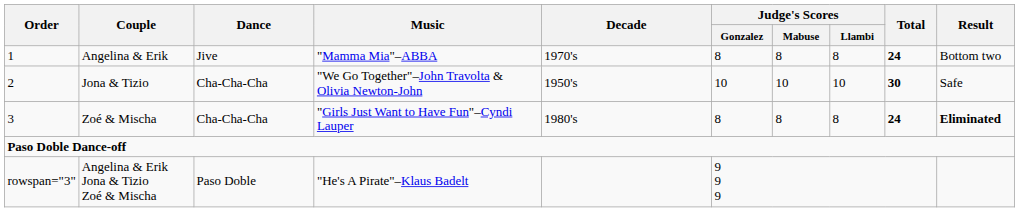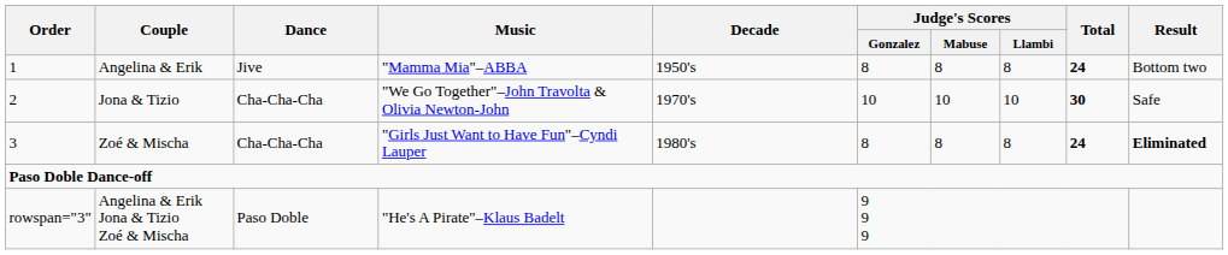 <table class="wikitable nowrap sortable center">
 <tr>
 <th rowspan="2" style="width: 4em">Order</th>
 <th rowspan="2" style="width: 17em">Couple</th>
 <th rowspan="2" style="width: 20em">Dance</th>
 <th rowspan="2" style="width: 40em">Music</th>
 <th rowspan="2" style="width: 30em">Decade</th>
 <th colspan="3">Judge's Scores</th>
 <th rowspan="2" style="width: 6em">Total</th>
 <th rowspan="2" style="width: 7em">Result</th>
 </tr>
 <tr>
 <th style="width: 6em"><small>Gonzalez</small></th>
 <th style="width: 6em"><small>Mabuse</small></th>
 <th style="width: 6em"><small>Llambi</small></th>
 </tr>
 <tr>
 <td>1</td>
 <td>Angelina & Erik</td>
 <td>Jive</td>
 <td>"<a href='#'>Mamma Mia</a>"–<a href='#'>ABBA</a></td>
-<td>1970's</td>
+<td>1950's</td>
 <td>8</td>
 <td>8</td>
 <td>8</td>
 <td><strong>24</strong></td>
 <td>Bottom two</td>
 </tr>
 <tr>
 <td>2</td>
 <td>Jona & Tizio</td>
 <td>Cha-Cha-Cha</td>
 <td>"We Go Together"–<a href='#'>John Travolta</a> & <a href='#'>Olivia Newton-John</a></td>
-<td>1950's</td>
+<td>1970's</td>
 <td>10</td>
 <td>10</td>
 <td>10</td>
 <td><strong>30</strong></td>
 <td>Safe</td>
 </tr>
 <tr>
 <td>3</td>
 <td>Zoé & Mischa</td>
 <td>Cha-Cha-Cha</td>
 <td>"<a href='#'>Girls Just Want to Have Fun</a>"–<a href='#'>Cyndi Lauper</a></td>
 <td>1980's</td>
 <td>8</td>
 <td>8</td>
 <td>8</td>
 <td><strong>24</strong></td>
 <td><strong>Eliminated</strong></td>
 </tr>
 <tr>
 <td colspan="10"><strong>Paso Doble Dance-off</strong></td>
 </tr>
 <tr>
 <td>rowspan="3" </td>
 <td>Angelina & Erik<br>Jona & Tizio<br>Zoé & Mischa</td>
 <td>Paso Doble</td>
 <td>"He's A Pirate"–<a href='#'>Klaus Badelt</a></td>
 <td></td>
 <td colspan="4">9<br>9<br>9</td>
 <td></td>
 </tr>
 </table>
